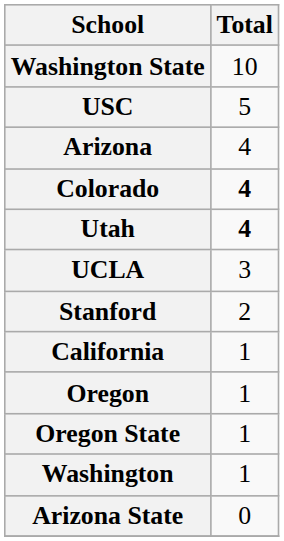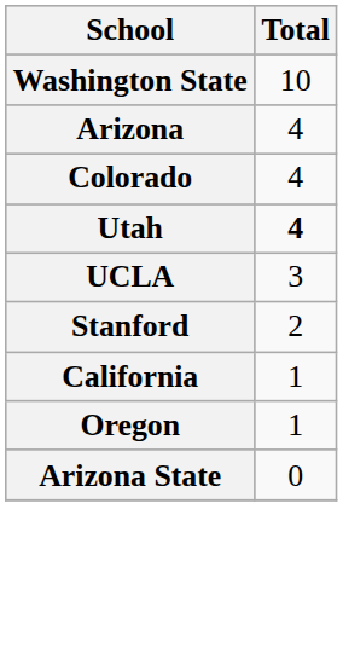 <table class=wikitable style="text-align:center">
 <tr>
 <th>School</th>
 <th>Total</th>
 </tr>
 <tr>
 <th>Washington State</th>
 <td>10</td>
 </tr>
 <tr>
-<th>USC</th>
-<td>5</td>
-</tr>
-<tr>
 <th>Arizona</th>
 <td>4</td>
 </tr>
 <tr>
 <th>Colorado</th>
-<td><strong>4</strong></td>
+<td>4</td>
 </tr>
 <tr>
 <th>Utah</th>
 <td><strong>4</strong></td>
 </tr>
 <tr>
 <th>UCLA</th>
 <td>3</td>
 </tr>
 <tr>
 <th>Stanford</th>
 <td>2</td>
 </tr>
 <tr>
 <th>California</th>
 <td>1</td>
 </tr>
 <tr>
 <th>Oregon</th>
 <td>1</td>
 </tr>
 <tr>
-<th>Oregon State</th>
-<td>1</td>
-</tr>
-<tr>
-<th>Washington</th>
-<td>1</td>
-</tr>
-<tr>
 <th>Arizona State</th>
 <td>0</td>
 </tr>
 <tr>
 </tr>
 </table>
